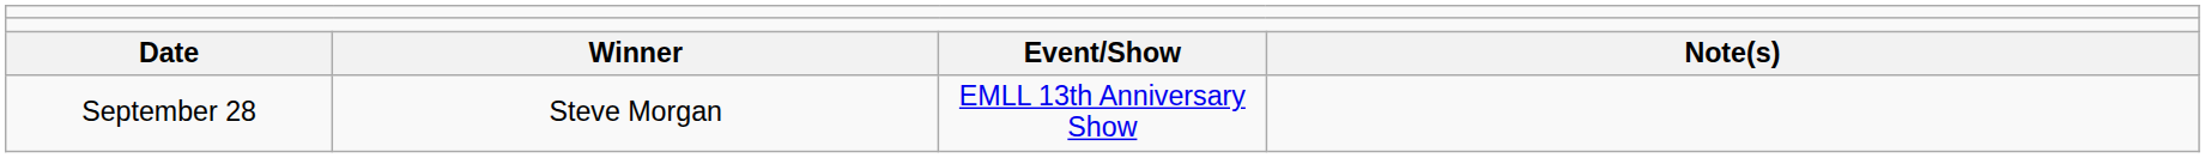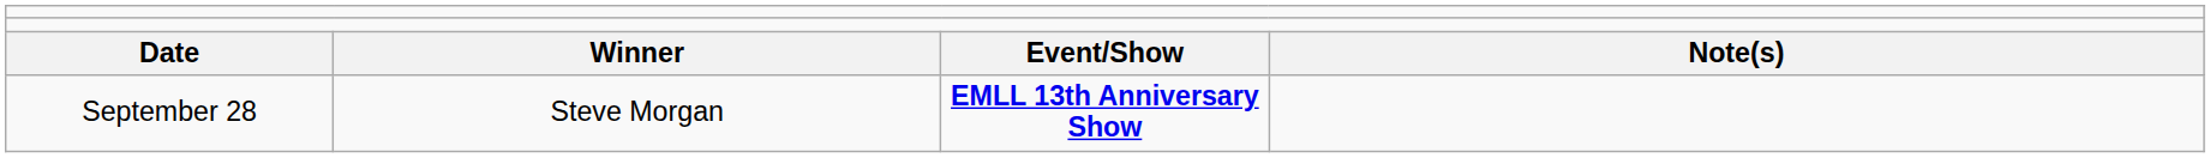 <table class="wikitable" style="text-align:center; width:100%;">
 <tr>
 <td colspan=5></td>
 </tr>
 <tr>
 <td colspan=5><strong></strong></td>
 </tr>
 <tr>
 <th width=14%>Date</th>
 <th width=26%>Winner</th>
 <th width=14%>Event/Show</th>
 <th width=40%>Note(s)</th>
 </tr>
 <tr>
 <td>September 28</td>
 <td>Steve Morgan</td>
-<td><a href='#'>EMLL 13th Anniversary Show</a></td>
+<td><strong><a href='#'>EMLL 13th Anniversary Show</a></strong></td>
 <td align=left></td>
 </tr>
 </table>
